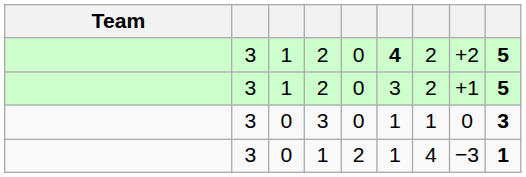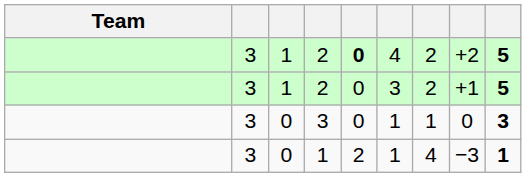 <table class="wikitable" style="text-align:center">
 <tr>
 <th width=165>Team</th>
 <th width=20></th>
 <th width=20></th>
 <th width=20></th>
 <th width=20></th>
 <th width=20></th>
 <th width=20></th>
 <th width=20></th>
 <th width=20></th>
 </tr>
 <tr bgcolor=ccffcc>
 <td align=left></td>
 <td>3</td>
 <td>1</td>
 <td>2</td>
-<td>0</td>
-<td><strong>4</strong></td>
+<td><strong>0</strong></td>
+<td>4</td>
 <td>2</td>
 <td>+2</td>
 <td><strong>5</strong></td>
 </tr>
 <tr bgcolor=ccffcc>
 <td align=left></td>
 <td>3</td>
 <td>1</td>
 <td>2</td>
 <td>0</td>
 <td>3</td>
 <td>2</td>
 <td>+1</td>
 <td><strong>5</strong></td>
 </tr>
 <tr>
 <td align=left></td>
 <td>3</td>
 <td>0</td>
 <td>3</td>
 <td>0</td>
 <td>1</td>
 <td>1</td>
 <td>0</td>
 <td><strong>3</strong></td>
 </tr>
 <tr>
 <td align=left></td>
 <td>3</td>
 <td>0</td>
 <td>1</td>
 <td>2</td>
 <td>1</td>
 <td>4</td>
 <td>−3</td>
 <td><strong>1</strong></td>
 </tr>
 </table>
